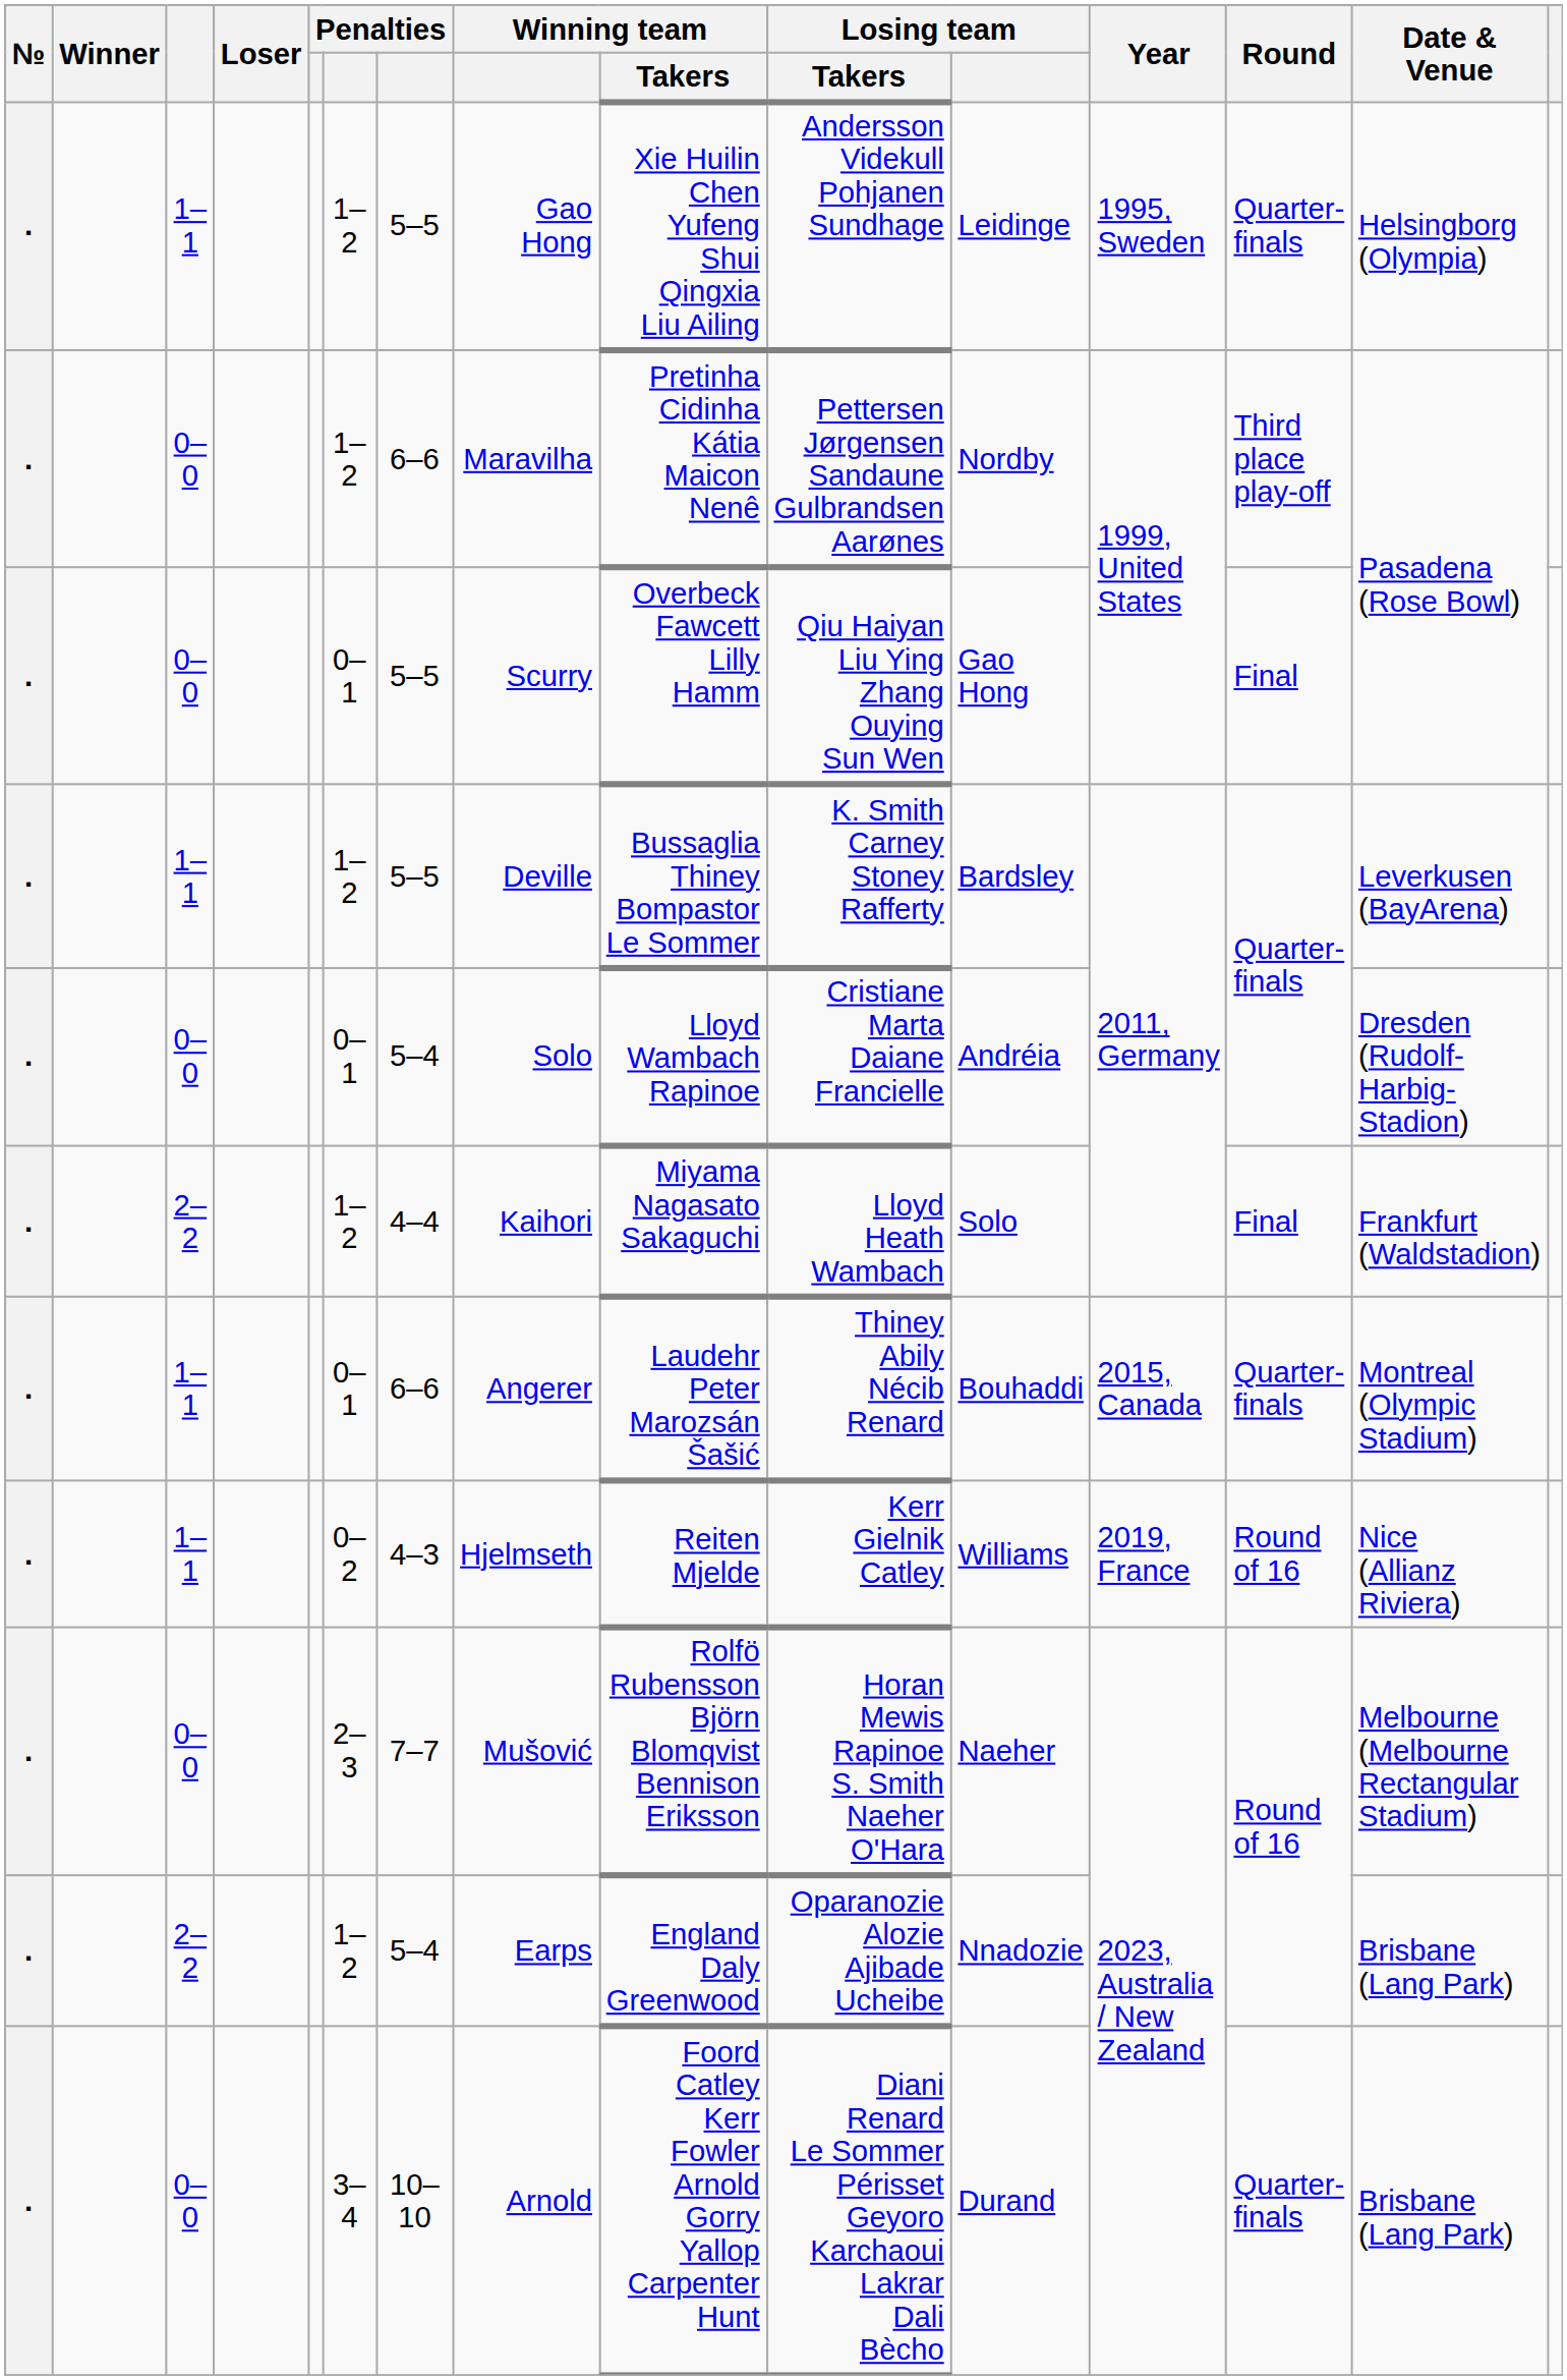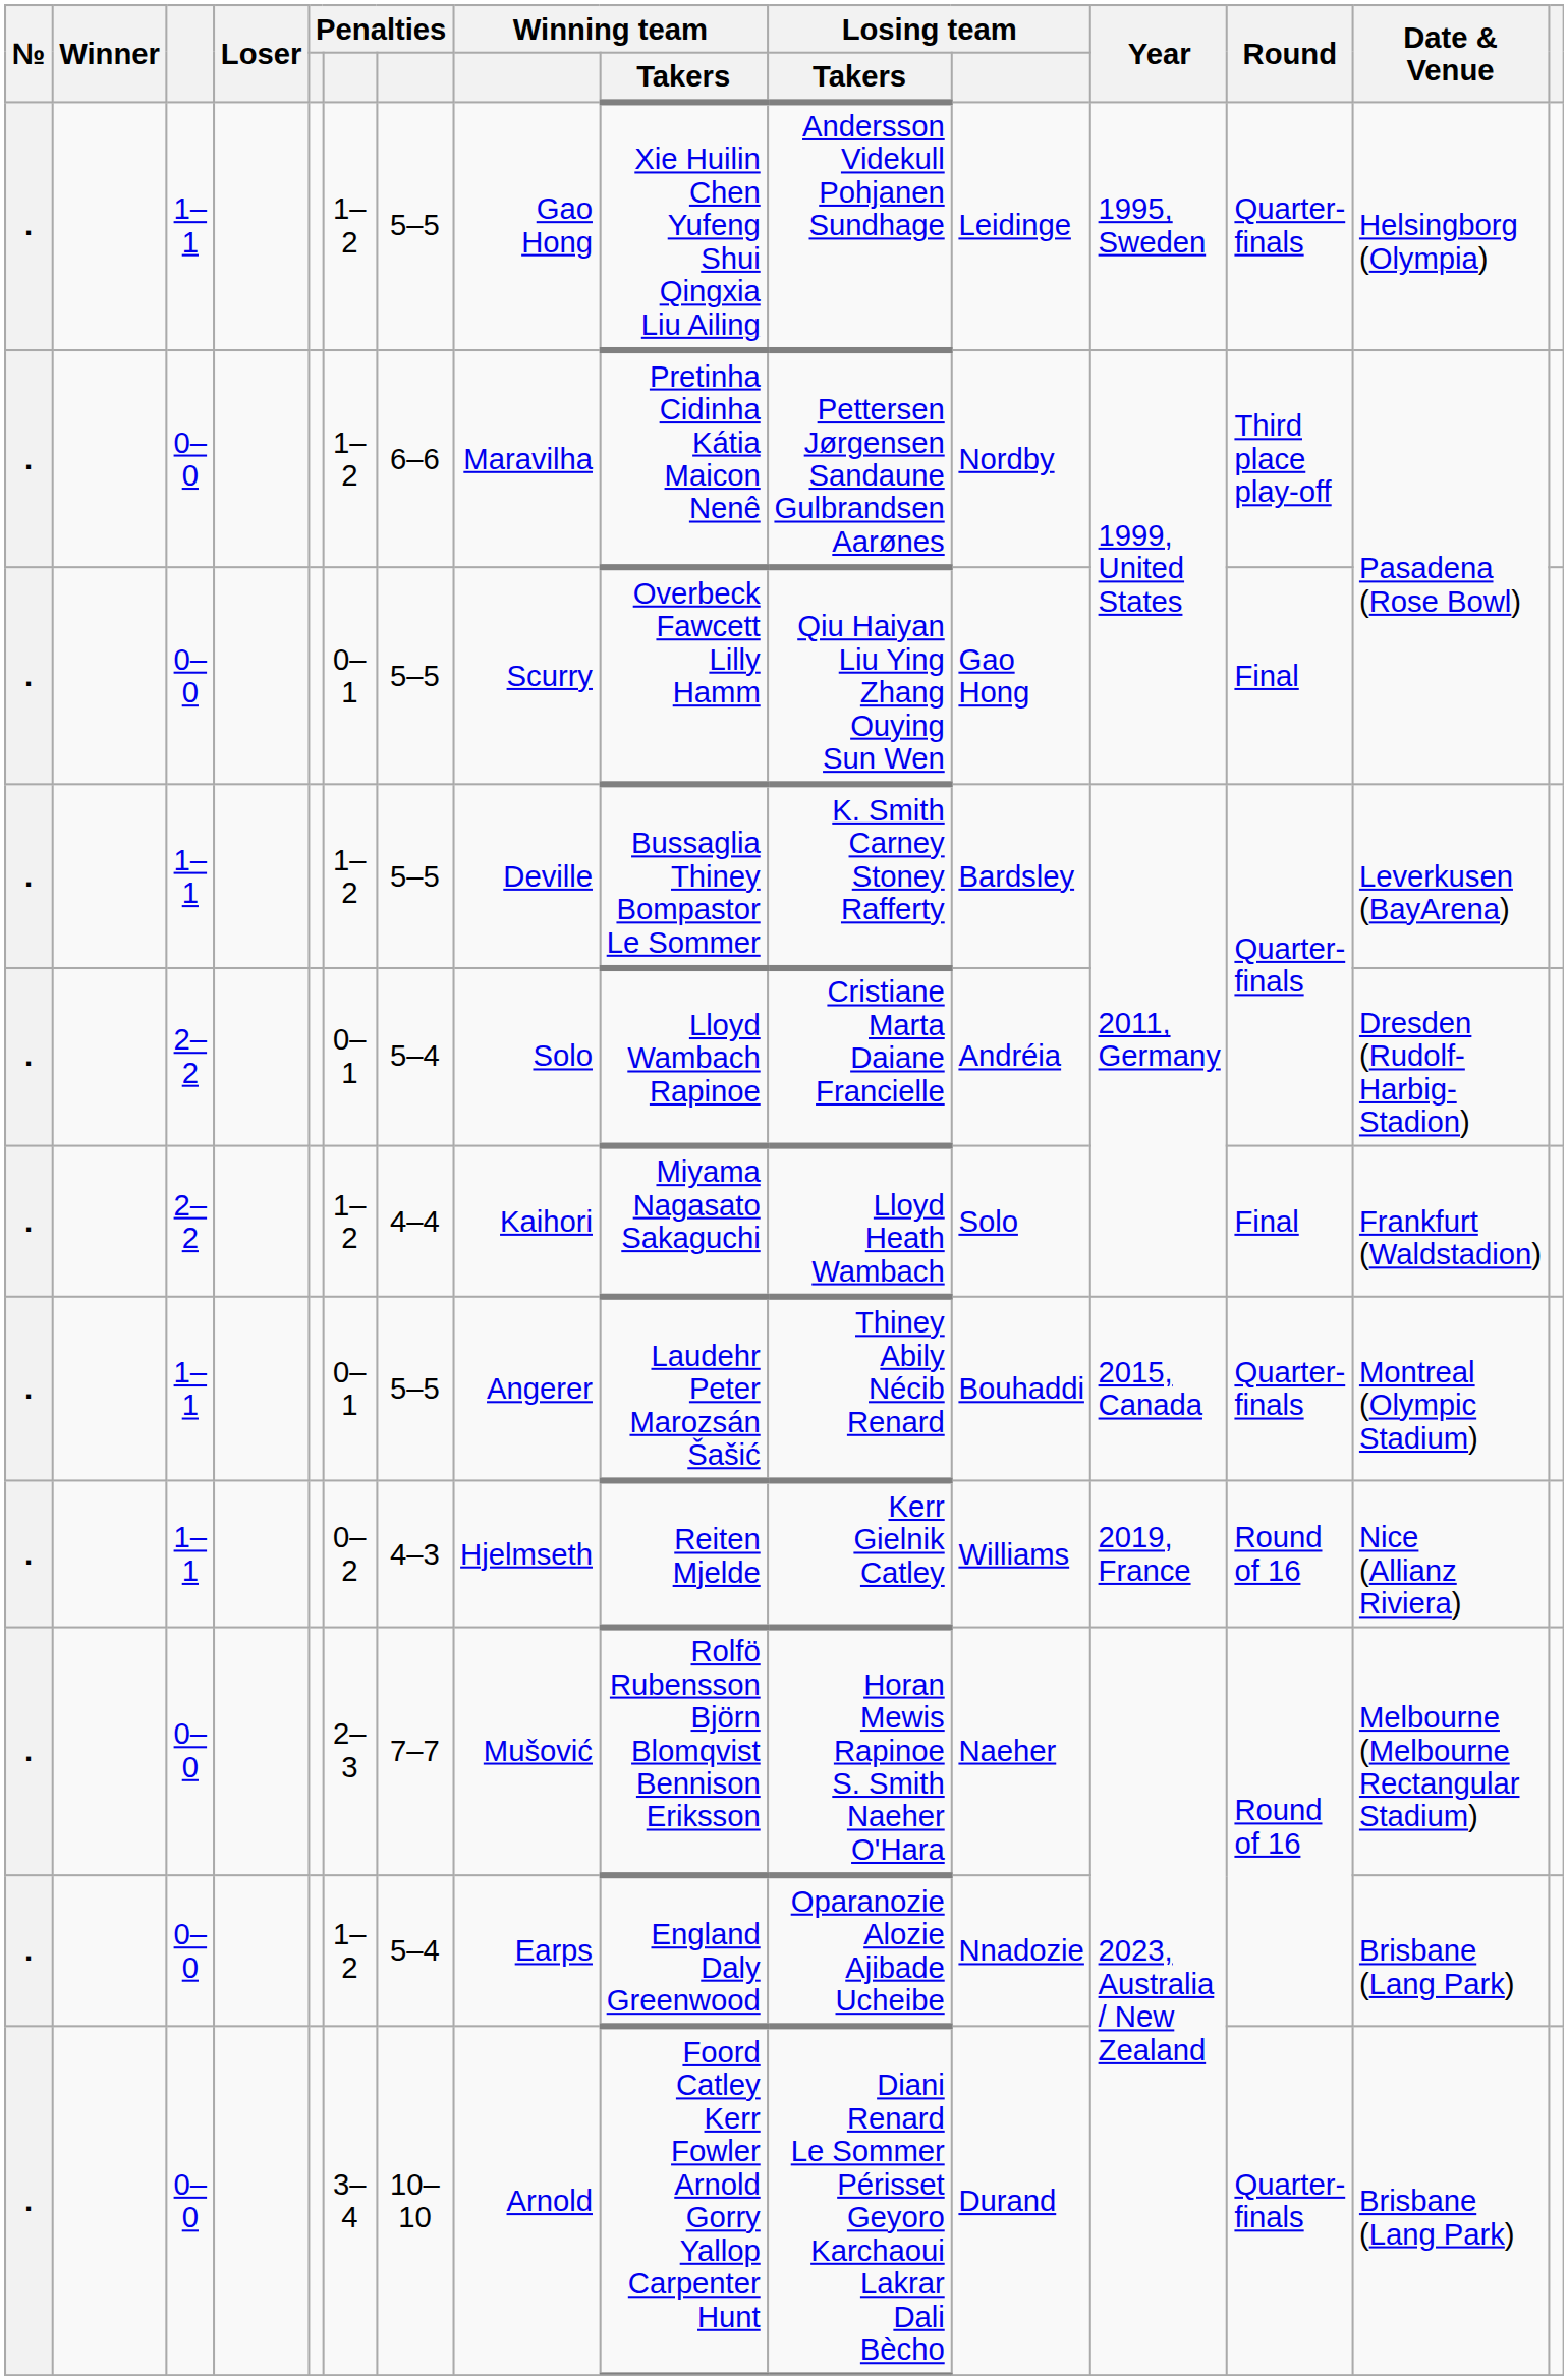 <table class="wikitable sortable" style="font-size:90%;">
 <tr>
 <th rowspan=2>№</th>
 <th rowspan=2>Winner</th>
 <th rowspan=2></th>
 <th rowspan=2>Loser</th>
 <th colspan=3>Penalties</th>
 <th colspan=2>Winning team</th>
 <th colspan=2>Losing team</th>
 <th rowspan=2>Year</th>
 <th rowspan=2>Round</th>
 <th rowspan=2>Date & Venue</th>
 <th rowspan=2 class="unsortable"></th>
 </tr>
 <tr>
 <th></th>
 <th></th>
 <th></th>
 <th></th>
 <th class="unsortable" style="border-bottom:3px solid gray">Takers</th>
 <th class="unsortable" style="border-bottom:3px solid gray">Takers</th>
 <th></th>
 </tr>
 <tr>
 <th>.</th>
 <td data-sort-value=""></td>
 <td align=center><a href='#'>1–1</a></td>
 <td></td>
 <td></td>
 <td align=center>1–2</td>
 <td align=center>5–5</td>
 <td align=right><a href='#'>Gao Hong</a></td>
 <td style="text-align:right; border-bottom:3px solid gray; vertical-align:top;">  <br> <a href='#'>Xie Huilin</a>   <br>  <a href='#'>Chen Yufeng</a>  <br> <a href='#'>Shui Qingxia</a>  <br>  <a href='#'>Liu Ailing</a> </td>
 <td style="text-align:right; border-bottom:3px solid gray; vertical-align:top;"><a href='#'>Andersson</a>  <br> <a href='#'>Videkull</a>  <br> <a href='#'>Pohjanen</a>  <br> <a href='#'>Sundhage</a>  <br> </td>
 <td align=left><a href='#'>Leidinge</a></td>
 <td><a href='#'>1995, Sweden</a></td>
 <td> <a href='#'>Quarter-finals</a></td>
 <td><br><a href='#'>Helsingborg</a><br>(<a href='#'>Olympia</a>)</td>
 <td></td>
 </tr>
 <tr>
 <th>.</th>
 <td data-sort-value=""></td>
 <td align=center><a href='#'>0–0</a></td>
 <td></td>
 <td></td>
 <td align=center>1–2</td>
 <td align=center>6–6</td>
 <td align=right><a href='#'>Maravilha</a></td>
 <td style="text-align:right; border-bottom:3px solid gray; vertical-align:top;"><a href='#'>Pretinha</a>   <br> <a href='#'>Cidinha</a>  <br> <a href='#'>Kátia</a>   <br>  <a href='#'>Maicon</a>  <br>  <a href='#'>Nenê</a> <br></td>
 <td style="text-align:right; border-bottom:3px solid gray; vertical-align:top;"> <br> <a href='#'>Pettersen</a>  <br> <a href='#'>Jørgensen</a>  <br> <a href='#'>Sandaune</a>  <br> <a href='#'>Gulbrandsen</a> <br><a href='#'>Aarønes</a> </td>
 <td align=left><a href='#'>Nordby</a></td>
 <td rowspan=2><a href='#'>1999, United States</a></td>
 <td> <a href='#'>Third place play-off</a></td>
 <td rowspan=2><br><a href='#'>Pasadena</a><br>(<a href='#'>Rose Bowl</a>)</td>
 <td></td>
 </tr>
 <tr>
 <th>.</th>
 <td data-sort-value=""></td>
 <td align=center><a href='#'>0–0</a></td>
 <td></td>
 <td></td>
 <td align=center>0–1</td>
 <td align=center>5–5</td>
 <td align=right><a href='#'>Scurry</a></td>
 <td style="text-align:right; border-bottom:3px solid gray; vertical-align:top;"><a href='#'>Overbeck</a> <br><a href='#'>Fawcett</a> <br><a href='#'>Lilly</a> <br><a href='#'>Hamm</a>  <br> </td>
 <td style="text-align:right; border-bottom:3px solid gray; vertical-align:top;"> <br> <a href='#'>Qiu Haiyan</a>  <br> <a href='#'>Liu Ying</a>  <br> <a href='#'>Zhang Ouying</a>  <br><a href='#'>Sun Wen</a> </td>
 <td align=left><a href='#'>Gao Hong</a></td>
 <td> <a href='#'>Final</a></td>
 <td></td>
 </tr>
 <tr>
 <th>.</th>
 <td data-sort-value=""></td>
 <td align=center><a href='#'>1–1</a></td>
 <td></td>
 <td></td>
 <td align=center>1–2</td>
 <td align=center>5–5</td>
 <td align=right><a href='#'>Deville</a></td>
 <td style="text-align:right; border-bottom:3px solid gray; vertical-align:top;"> <br><a href='#'>Bussaglia</a>  <br> <a href='#'>Thiney</a>  <br> <a href='#'>Bompastor</a>  <br><a href='#'>Le Sommer</a> </td>
 <td style="text-align:right; border-bottom:3px solid gray; vertical-align:top;"><a href='#'>K. Smith</a>    <br><a href='#'>Carney</a> <br><a href='#'>Stoney</a> <br><a href='#'>Rafferty</a> <br> </td>
 <td align=left><a href='#'>Bardsley</a></td>
 <td rowspan=3><a href='#'>2011, Germany</a></td>
 <td rowspan=2> <a href='#'>Quarter-finals</a></td>
 <td><br><a href='#'>Leverkusen</a><br>(<a href='#'>BayArena</a>)</td>
 <td></td>
 </tr>
 <tr>
 <th>.</th>
 <td data-sort-value=""></td>
-<td align=center><a href='#'>0–0</a></td>
+<td align=center><a href='#'>2–2</a></td>
 <td></td>
 <td></td>
 <td align=center>0–1</td>
 <td align=center>5–4</td>
 <td align=right><a href='#'>Solo</a></td>
 <td style="text-align:right; border-bottom:3px solid gray; vertical-align:top;"> <br> <a href='#'>Lloyd</a> <br> <a href='#'>Wambach</a>  <br> <a href='#'>Rapinoe</a>  <br> </td>
 <td style="text-align:right; border-bottom:3px solid gray; vertical-align:top;"><a href='#'>Cristiane</a>   <br><a href='#'>Marta</a> <br><a href='#'>Daiane</a> <br><a href='#'>Francielle</a> </td>
 <td align=left><a href='#'>Andréia</a></td>
 <td><br><a href='#'>Dresden</a><br>(<a href='#'>Rudolf-Harbig-Stadion</a>)</td>
 <td></td>
 </tr>
 <tr>
 <th>.</th>
 <td data-sort-value=""></td>
 <td align=center><a href='#'>2–2</a></td>
 <td></td>
 <td></td>
 <td align=center>1–2</td>
 <td align=center>4–4</td>
 <td align=right><a href='#'>Kaihori</a></td>
 <td style="text-align:right; border-bottom:3px solid gray; vertical-align:top;"><a href='#'>Miyama</a> <br><a href='#'>Nagasato</a> <br><a href='#'>Sakaguchi</a> <br> </td>
 <td style="text-align:right; border-bottom:3px solid gray; vertical-align:top;">  <br> <a href='#'>Lloyd</a>  <br> <a href='#'>Heath</a>  <br> <a href='#'>Wambach</a> </td>
 <td align=left><a href='#'>Solo</a></td>
 <td> <a href='#'>Final</a></td>
 <td><br><a href='#'>Frankfurt</a><br>(<a href='#'>Waldstadion</a>)</td>
 <td></td>
 </tr>
 <tr>
 <th>.</th>
 <td data-sort-value=""></td>
 <td align=center><a href='#'>1–1</a></td>
 <td></td>
 <td></td>
 <td align=center>0–1</td>
-<td align=center>6–6</td>
+<td align=center>5–5</td>
 <td align=right><a href='#'>Angerer</a></td>
 <td style="text-align:right; border-bottom:3px solid gray; vertical-align:top;">   <br><a href='#'>Laudehr</a> <br><a href='#'>Peter</a> <br><a href='#'>Marozsán</a> <br> <a href='#'>Šašić</a> </td>
 <td style="text-align:right; border-bottom:3px solid gray; vertical-align:top;"><a href='#'>Thiney</a>  <br><a href='#'>Abily</a>  <br> <a href='#'>Nécib</a>  <br> <a href='#'>Renard</a>  <br></td>
 <td align=left><a href='#'>Bouhaddi</a></td>
 <td><a href='#'>2015, Canada</a></td>
 <td> <a href='#'>Quarter-finals</a></td>
 <td><br><a href='#'>Montreal</a><br>(<a href='#'>Olympic Stadium</a>)</td>
 <td></td>
 </tr>
 <tr>
 <th>.</th>
 <td data-sort-value=""></td>
 <td align=center><a href='#'>1–1</a></td>
 <td></td>
 <td></td>
 <td align=center>0–2</td>
 <td align=center>4–3</td>
 <td align=right><a href='#'>Hjelmseth</a></td>
 <td style="text-align:right; border-bottom:3px solid gray; vertical-align:top;">  <br>  <a href='#'>Reiten</a>  <br> <a href='#'>Mjelde</a>  <br> </td>
 <td style="text-align:right; border-bottom:3px solid gray; vertical-align:top;"><a href='#'>Kerr</a>  <br>  <a href='#'>Gielnik</a>  <br>  <a href='#'>Catley</a> </td>
 <td align=left><a href='#'>Williams</a></td>
 <td><a href='#'>2019, France</a></td>
 <td> <a href='#'>Round of 16</a></td>
 <td><br><a href='#'>Nice</a><br>(<a href='#'>Allianz Riviera</a>)</td>
 <td></td>
 </tr>
 <tr>
 <th>.</th>
 <td data-sort-value=""></td>
 <td align=center><a href='#'>0–0</a></td>
 <td></td>
 <td></td>
 <td align=center>2–3</td>
 <td align=center>7–7</td>
 <td align=right><a href='#'>Mušović</a></td>
 <td style="text-align:right; border-bottom:3px solid gray; vertical-align:top;"><a href='#'>Rolfö</a>   <br> <a href='#'>Rubensson</a>  <br> <a href='#'>Björn</a>   <br>  <a href='#'>Blomqvist</a>  <br>  <a href='#'>Bennison</a> <br><a href='#'>Eriksson</a>   <br> </td>
 <td style="text-align:right; border-bottom:3px solid gray; vertical-align:top;"> <br> <a href='#'>Horan</a>  <br> <a href='#'>Mewis</a>  <br> <a href='#'>Rapinoe</a>  <br> <a href='#'>S. Smith</a> <br><a href='#'>Naeher</a>  <br> <a href='#'>O'Hara</a> </td>
 <td align=left><a href='#'>Naeher</a></td>
 <td rowspan=3><a href='#'>2023, Australia / New Zealand</a></td>
 <td rowspan=2> <a href='#'>Round of 16</a></td>
 <td><br><a href='#'>Melbourne</a><br>(<a href='#'>Melbourne Rectangular Stadium</a>)</td>
 <td></td>
 </tr>
 <tr>
 <th>.</th>
 <td data-sort-value=""></td>
-<td align=center><a href='#'>2–2</a></td>
+<td align=center><a href='#'>0–0</a></td>
 <td></td>
 <td></td>
 <td align=center>1–2</td>
 <td align=center>5–4</td>
 <td align=right><a href='#'>Earps</a></td>
 <td style="text-align:right; border-bottom:3px solid gray; vertical-align:top;">  <br>  <a href='#'>England</a>  <br> <a href='#'>Daly</a>   <br> <a href='#'>Greenwood</a>  <br> </td>
 <td style="text-align:right; border-bottom:3px solid gray; vertical-align:top;"><a href='#'>Oparanozie</a>  <br>  <a href='#'>Alozie</a>  <br>  <a href='#'>Ajibade</a>  <br>  <a href='#'>Ucheibe</a> </td>
 <td align=left><a href='#'>Nnadozie</a></td>
 <td><br><a href='#'>Brisbane</a><br>(<a href='#'>Lang Park</a>)</td>
 <td></td>
 </tr>
 <tr>
 <th>.</th>
 <td data-sort-value=""></td>
 <td align=center><a href='#'>0–0</a></td>
 <td></td>
 <td></td>
 <td align=center>3–4</td>
 <td align=center>10–10</td>
 <td align=right><a href='#'>Arnold</a></td>
 <td style="text-align:right; border-bottom:3px solid gray; vertical-align:top;"><a href='#'>Foord</a>   <br> <a href='#'>Catley</a>  <br> <a href='#'>Kerr</a>   <br>  <a href='#'>Fowler</a>  <br>  <a href='#'>Arnold</a> <br><a href='#'>Gorry</a>   <br> <a href='#'>Yallop</a>   <br> <a href='#'>Carpenter</a>   <br> <a href='#'>Hunt</a>   <br> </td>
 <td style="text-align:right; border-bottom:3px solid gray; vertical-align:top;"> <br> <a href='#'>Diani</a>  <br> <a href='#'>Renard</a>  <br> <a href='#'>Le Sommer</a>  <br> <a href='#'>Périsset</a> <br><a href='#'>Geyoro</a>  <br> <a href='#'>Karchaoui</a>  <br> <a href='#'>Lakrar</a>  <br> <a href='#'>Dali</a>  <br> <a href='#'>Bècho</a> </td>
 <td align=left><a href='#'>Durand</a></td>
 <td> <a href='#'>Quarter-finals</a></td>
 <td><br><a href='#'>Brisbane</a><br>(<a href='#'>Lang Park</a>)</td>
 <td></td>
 </tr>
 <tr>
 </tr>
 </table>
